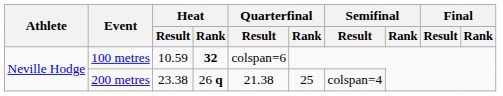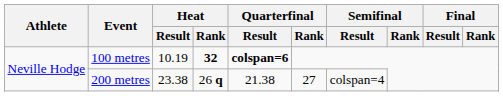 <table class=wikitable style=font-size:90%>
 <tr>
 <th rowspan=2>Athlete</th>
 <th rowspan=2>Event</th>
 <th colspan=2>Heat</th>
 <th colspan=2>Quarterfinal</th>
 <th colspan=2>Semifinal</th>
 <th colspan=2>Final</th>
 </tr>
 <tr style=font-size:95%>
 <th>Result</th>
 <th>Rank</th>
 <th>Result</th>
 <th>Rank</th>
 <th>Result</th>
 <th>Rank</th>
 <th>Result</th>
 <th>Rank</th>
 </tr>
 <tr align=center>
 <td align=left rowspan=2><a href='#'>Neville Hodge</a></td>
 <td align=left><a href='#'>100 metres</a></td>
-<td>10.59</td>
+<td>10.19</td>
 <td><strong>32</strong></td>
-<td>colspan=6 </td>
+<td><strong>colspan=6 </strong></td>
 </tr>
 <tr align=center>
 <td align=left><a href='#'>200 metres</a></td>
 <td>23.38</td>
 <td>26 <strong>q</strong></td>
 <td>21.38</td>
-<td>25</td>
+<td>27</td>
 <td>colspan=4 </td>
 </tr>
 </table>
